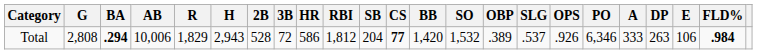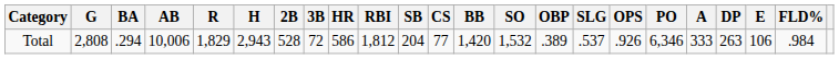 <table class="wikitable"  style="font-size: 95%; text-align:center;">
 <tr>
 <th>Category</th>
 <th>G</th>
 <th>BA</th>
 <th>AB</th>
 <th>R</th>
 <th>H</th>
 <th>2B</th>
 <th>3B</th>
 <th>HR</th>
 <th>RBI</th>
 <th>SB</th>
 <th>CS</th>
 <th>BB</th>
 <th>SO</th>
 <th>OBP</th>
 <th>SLG</th>
 <th>OPS</th>
 <th>PO</th>
 <th>A</th>
 <th>DP</th>
 <th>E</th>
 <th>FLD%</th>
 <th></th>
 </tr>
 <tr>
 <td>Total</td>
 <td>2,808</td>
-<td><strong>.294</strong></td>
+<td>.294</td>
 <td>10,006</td>
 <td>1,829</td>
 <td>2,943</td>
 <td>528</td>
 <td>72</td>
 <td>586</td>
 <td>1,812</td>
 <td>204</td>
-<td><strong>77</strong></td>
+<td>77</td>
 <td>1,420</td>
 <td>1,532</td>
 <td>.389</td>
 <td>.537</td>
 <td>.926</td>
 <td>6,346</td>
 <td>333</td>
 <td>263</td>
 <td>106</td>
-<td><strong>.984</strong></td>
+<td>.984</td>
 <td></td>
 </tr>
 </table>
